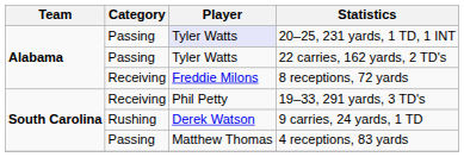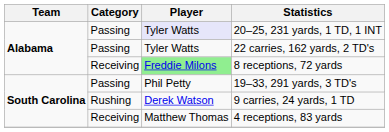 <table class="wikitable" style="float: right;">
 <tr>
 <th>Team</th>
 <th>Category</th>
 <th>Player</th>
 <th>Statistics</th>
 </tr>
 <tr>
 <td rowspan=3><strong>Alabama</strong></td>
 <td>Passing</td>
 <td style="background: lavender;">Tyler Watts</td>
 <td>20–25, 231 yards, 1 TD, 1 INT</td>
 </tr>
 <tr>
 <td>Passing</td>
 <td>Tyler Watts</td>
 <td>22 carries, 162 yards, 2 TD's</td>
 </tr>
 <tr>
 <td>Receiving</td>
-<td><a href='#'>Freddie Milons</a></td>
+<td style="background: lightgreen;"><a href='#'>Freddie Milons</a></td>
 <td>8 receptions, 72 yards</td>
 </tr>
 <tr>
 <td rowspan=3><strong>South Carolina</strong></td>
-<td>Receiving</td>
+<td>Passing</td>
 <td>Phil Petty</td>
 <td>19–33, 291 yards, 3 TD's</td>
 </tr>
 <tr>
 <td>Rushing</td>
 <td><a href='#'>Derek Watson</a></td>
 <td>9 carries, 24 yards, 1 TD</td>
 </tr>
 <tr>
-<td>Passing</td>
+<td>Receiving</td>
 <td>Matthew Thomas</td>
 <td>4 receptions, 83 yards</td>
 </tr>
 <tr>
 </tr>
 </table>
